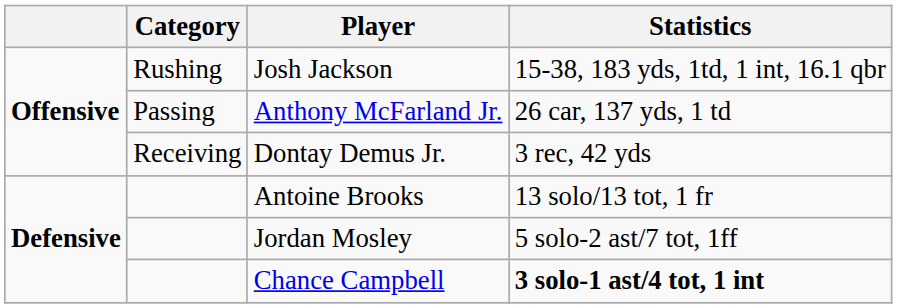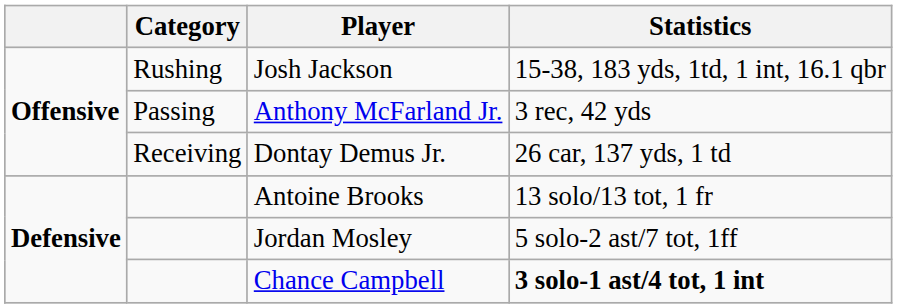 <table class="wikitable" style="float: left;">
 <tr>
 <th></th>
 <th>Category</th>
 <th>Player</th>
 <th>Statistics</th>
 </tr>
 <tr>
 <td rowspan=3><strong>Offensive</strong></td>
 <td>Rushing</td>
 <td>Josh Jackson</td>
 <td>15-38, 183 yds, 1td, 1 int, 16.1 qbr</td>
 </tr>
 <tr>
 <td>Passing</td>
 <td><a href='#'>Anthony McFarland Jr.</a></td>
-<td>26 car, 137 yds, 1 td</td>
+<td>3 rec, 42 yds</td>
 </tr>
 <tr>
 <td>Receiving</td>
 <td>Dontay Demus Jr.</td>
-<td>3 rec, 42 yds</td>
+<td>26 car, 137 yds, 1 td</td>
 </tr>
 <tr>
 <td rowspan=3><strong>Defensive</strong></td>
 <td></td>
 <td>Antoine Brooks</td>
 <td>13 solo/13 tot, 1 fr</td>
 </tr>
 <tr>
 <td></td>
 <td>Jordan Mosley</td>
 <td>5 solo-2 ast/7 tot, 1ff</td>
 </tr>
 <tr>
 <td></td>
 <td><a href='#'>Chance Campbell</a></td>
 <td><strong>3 solo-1 ast/4 tot, 1 int</strong></td>
 </tr>
 </table>
